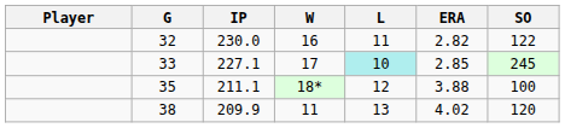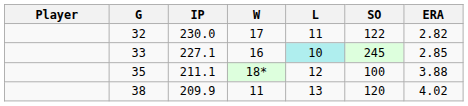 <table class="wikitable sortable">
 <tr>
 <th bgcolor="#DDDDFF" width="16%">Player</th>
 <th bgcolor="#DDDDFF" width="9%">G</th>
 <th bgcolor="#DDDDFF" width="9%">IP</th>
 <th bgcolor="#DDDDFF" width="9%">W</th>
 <th bgcolor="#DDDDFF" width="9%">L</th>
+<th bgcolor="#DDDDFF" width="9%">SO</th>
 <th bgcolor="#DDDDFF" width="9%">ERA</th>
-<th bgcolor="#DDDDFF" width="9%">SO</th>
 </tr>
 <tr align="center">
 <td></td>
 <td>32</td>
 <td>230.0</td>
-<td>16</td>
+<td>17</td>
 <td>11</td>
+<td>122</td>
 <td>2.82</td>
-<td>122</td>
 </tr>
 <tr align="center">
 <td></td>
 <td>33</td>
 <td>227.1</td>
-<td>17</td>
+<td>16</td>
 <td style="background: paleturquoise;">10</td>
+<td style="background:#DDFFDD;">245</td>
 <td>2.85</td>
-<td style="background:#DDFFDD;">245</td>
 </tr>
 <tr align="center">
 <td></td>
 <td>35</td>
 <td>211.1</td>
 <td style="background:#DDFFDD;">18*</td>
 <td>12</td>
+<td>100</td>
 <td>3.88</td>
-<td>100</td>
 </tr>
 <tr align="center">
 <td></td>
 <td>38</td>
 <td>209.9</td>
 <td>11</td>
 <td>13</td>
+<td>120</td>
 <td>4.02</td>
-<td>120</td>
 </tr>
 </table>
